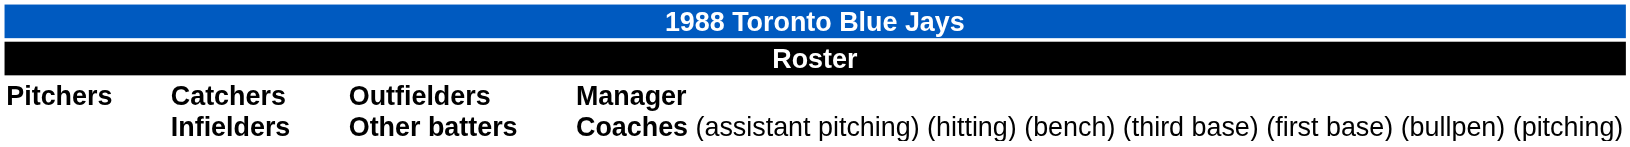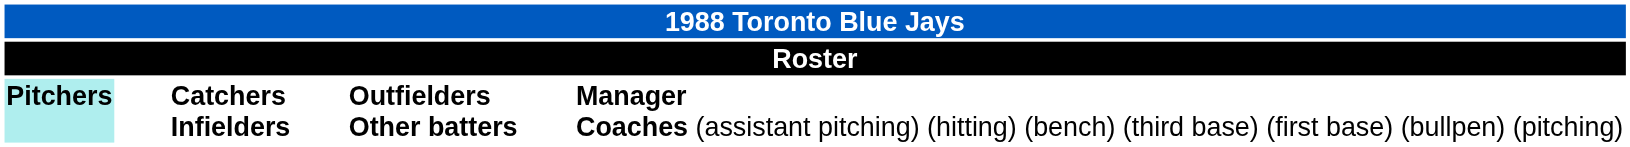 <table class="toccolours" style="font-size: 95%;">
 <tr>
 <th colspan="10" style="background-color: #005ac0; color: white; text-align: center;">1988 Toronto Blue Jays</th>
 </tr>
 <tr>
 <td colspan="10" style="background-color: black; color: white; text-align: center;"><strong>Roster</strong></td>
 </tr>
 <tr>
-<td valign="top"><strong>Pitchers</strong><br>               </td>
+<td valign="top" style="background: paleturquoise;"><strong>Pitchers</strong><br>               </td>
 <td width="25px"></td>
 <td valign="top"><strong>Catchers</strong><br>   <strong>Infielders</strong>      </td>
 <td width="25px"></td>
 <td valign="top"><strong>Outfielders</strong><br>       <strong>Other batters</strong>   </td>
 <td width="25px"></td>
 <td valign="top"><strong>Manager</strong><br> <strong>Coaches</strong>  (assistant pitching)  (hitting)  (bench)  (third base)  (first base)  (bullpen)  (pitching)</td>
 </tr>
 </table>
